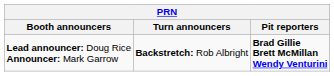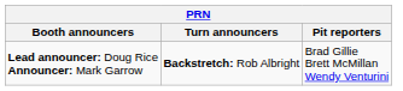 <table class="wikitable" style="font-size: 95%">
 <tr>
 <th colspan="3"><a href='#'>PRN</a></th>
 </tr>
 <tr>
 <th>Booth announcers</th>
 <th>Turn announcers</th>
 <th>Pit reporters</th>
 </tr>
 <tr>
 <td><strong>Lead announcer:</strong> Doug Rice<br><strong>Announcer:</strong> Mark Garrow</td>
 <td><strong>Backstretch:</strong> Rob Albright</td>
-<td><strong>Brad Gillie<br>Brett McMillan<br><a href='#'>Wendy Venturini</a></strong></td>
+<td>Brad Gillie<br>Brett McMillan<br><a href='#'>Wendy Venturini</a></td>
 </tr>
 </table>
